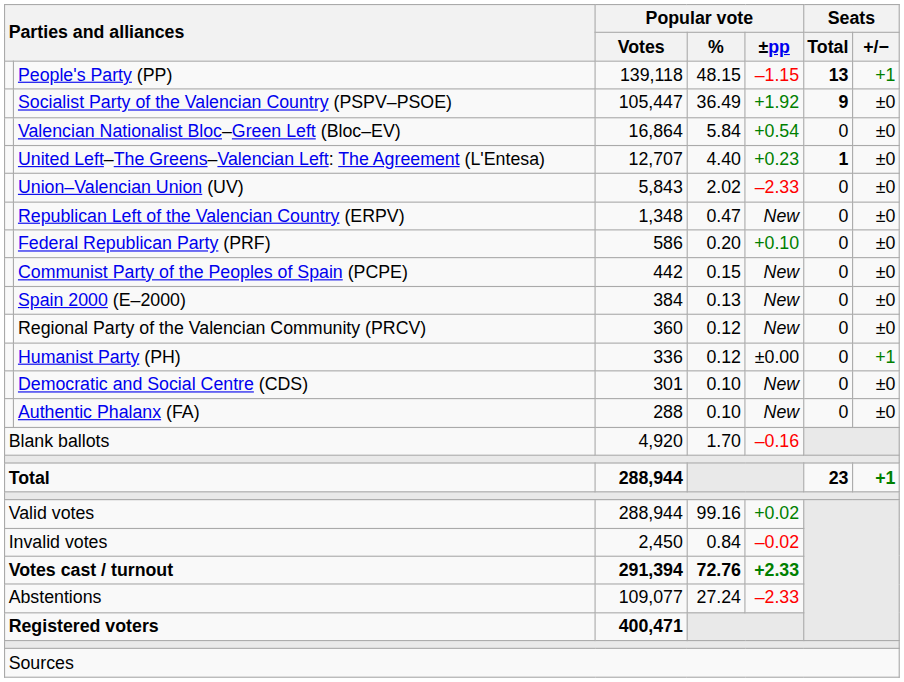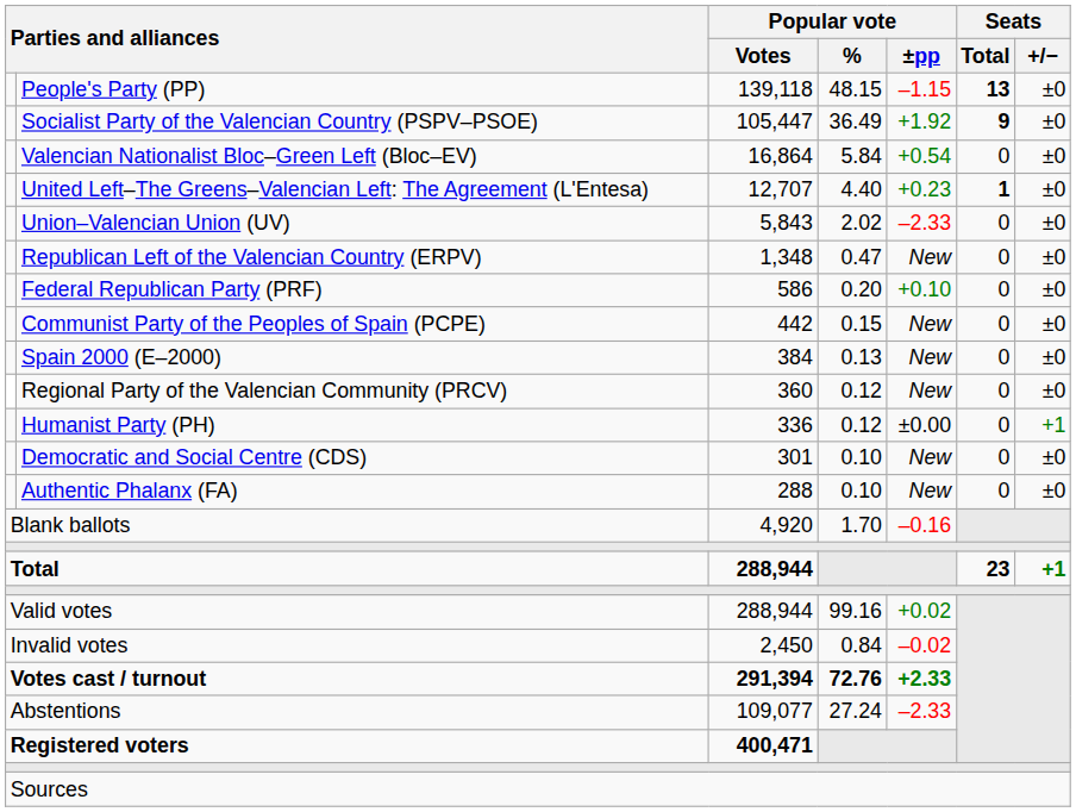 <table class="wikitable" style="text-align:right;">
 <tr>
 <th style="text-align:left;" rowspan="2" colspan="2" width="525">Parties and alliances</th>
 <th colspan="3">Popular vote</th>
 <th colspan="2">Seats</th>
 </tr>
 <tr>
 <th width="75">Votes</th>
 <th width="45">%</th>
 <th width="45">±<a href='#'>pp</a></th>
 <th width="35">Total</th>
 <th width="35">+/−</th>
 </tr>
 <tr>
 <td width="1" style="color:inherit;background:"></td>
 <td align="left"><a href='#'>People's Party</a> (PP)</td>
 <td>139,118</td>
 <td>48.15</td>
 <td style="color:red;">–1.15</td>
 <td><strong>13</strong></td>
-<td style="color:green;">+1</td>
+<td>±0</td>
 </tr>
 <tr>
 <td style="color:inherit;background:"></td>
 <td align="left"><a href='#'>Socialist Party of the Valencian Country</a> (PSPV–PSOE)</td>
 <td>105,447</td>
 <td>36.49</td>
 <td style="color:green;">+1.92</td>
 <td><strong>9</strong></td>
 <td>±0</td>
 </tr>
 <tr>
 <td style="color:inherit;background:"></td>
 <td align="left"><a href='#'>Valencian Nationalist Bloc</a>–<a href='#'>Green Left</a> (Bloc–EV)</td>
 <td>16,864</td>
 <td>5.84</td>
 <td style="color:green;">+0.54</td>
 <td>0</td>
 <td>±0</td>
 </tr>
 <tr>
 <td style="color:inherit;background:"></td>
 <td align="left"><a href='#'>United Left</a>–<a href='#'>The Greens</a>–<a href='#'>Valencian Left</a>: <a href='#'>The Agreement</a> (L'Entesa)</td>
 <td>12,707</td>
 <td>4.40</td>
 <td style="color:green;">+0.23</td>
 <td><strong>1</strong></td>
 <td>±0</td>
 </tr>
 <tr>
 <td style="color:inherit;background:"></td>
 <td align="left"><a href='#'>Union–Valencian Union</a> (UV)</td>
 <td>5,843</td>
 <td>2.02</td>
 <td style="color:red;">–2.33</td>
 <td>0</td>
 <td>±0</td>
 </tr>
 <tr>
 <td style="color:inherit;background:"></td>
 <td align="left"><a href='#'>Republican Left of the Valencian Country</a> (ERPV)</td>
 <td>1,348</td>
 <td>0.47</td>
 <td><em>New</em></td>
 <td>0</td>
 <td>±0</td>
 </tr>
 <tr>
 <td style="color:inherit;background:"></td>
 <td align="left"><a href='#'>Federal Republican Party</a> (PRF)</td>
 <td>586</td>
 <td>0.20</td>
 <td style="color:green;">+0.10</td>
 <td>0</td>
 <td>±0</td>
 </tr>
 <tr>
 <td style="color:inherit;background:"></td>
 <td align="left"><a href='#'>Communist Party of the Peoples of Spain</a> (PCPE)</td>
 <td>442</td>
 <td>0.15</td>
 <td><em>New</em></td>
 <td>0</td>
 <td>±0</td>
 </tr>
 <tr>
 <td style="color:inherit;background:"></td>
 <td align="left"><a href='#'>Spain 2000</a> (E–2000)</td>
 <td>384</td>
 <td>0.13</td>
 <td><em>New</em></td>
 <td>0</td>
 <td>±0</td>
 </tr>
 <tr>
 <td bgcolor="white"></td>
 <td align="left">Regional Party of the Valencian Community (PRCV)</td>
 <td>360</td>
 <td>0.12</td>
 <td><em>New</em></td>
 <td>0</td>
 <td>±0</td>
 </tr>
 <tr>
 <td style="color:inherit;background:"></td>
 <td align="left"><a href='#'>Humanist Party</a> (PH)</td>
 <td>336</td>
 <td>0.12</td>
 <td>±0.00</td>
 <td>0</td>
 <td style="color:green;">+1</td>
 </tr>
 <tr>
 <td style="color:inherit;background:"></td>
 <td align="left"><a href='#'>Democratic and Social Centre</a> (CDS)</td>
 <td>301</td>
 <td>0.10</td>
 <td><em>New</em></td>
 <td>0</td>
 <td>±0</td>
 </tr>
 <tr>
 <td style="color:inherit;background:"></td>
 <td align="left"><a href='#'>Authentic Phalanx</a> (FA)</td>
 <td>288</td>
 <td>0.10</td>
 <td><em>New</em></td>
 <td>0</td>
 <td>±0</td>
 </tr>
 <tr>
 <td align="left" colspan="2">Blank ballots</td>
 <td>4,920</td>
 <td>1.70</td>
 <td style="color:red;">–0.16</td>
 <td bgcolor="#E9E9E9" colspan="2"></td>
 </tr>
 <tr>
 <td colspan="7" bgcolor="#E9E9E9"></td>
 </tr>
 <tr style="font-weight:bold;">
 <td align="left" colspan="2">Total</td>
 <td>288,944</td>
 <td bgcolor="#E9E9E9" colspan="2"></td>
 <td>23</td>
 <td style="color:green;">+1</td>
 </tr>
 <tr>
 <td colspan="7" bgcolor="#E9E9E9"></td>
 </tr>
 <tr>
 <td align="left" colspan="2">Valid votes</td>
 <td>288,944</td>
 <td>99.16</td>
 <td style="color:green;">+0.02</td>
 <td bgcolor="#E9E9E9" colspan="2" rowspan="5"></td>
 </tr>
 <tr>
 <td align="left" colspan="2">Invalid votes</td>
 <td>2,450</td>
 <td>0.84</td>
 <td style="color:red;">–0.02</td>
 </tr>
 <tr style="font-weight:bold;">
 <td align="left" colspan="2">Votes cast / turnout</td>
 <td>291,394</td>
 <td>72.76</td>
 <td style="color:green;">+2.33</td>
 </tr>
 <tr>
 <td align="left" colspan="2">Abstentions</td>
 <td>109,077</td>
 <td>27.24</td>
 <td style="color:red;">–2.33</td>
 </tr>
 <tr style="font-weight:bold;">
 <td align="left" colspan="2">Registered voters</td>
 <td>400,471</td>
 <td bgcolor="#E9E9E9" colspan="2"></td>
 </tr>
 <tr>
 <td colspan="7" bgcolor="#E9E9E9"></td>
 </tr>
 <tr>
 <td align="left" colspan="7">Sources</td>
 </tr>
 </table>
